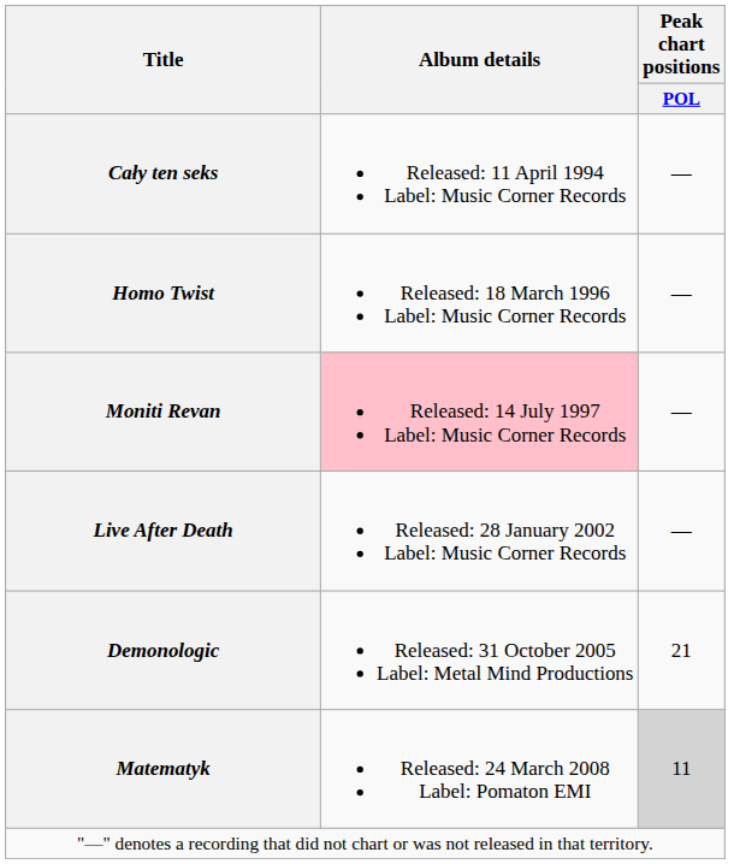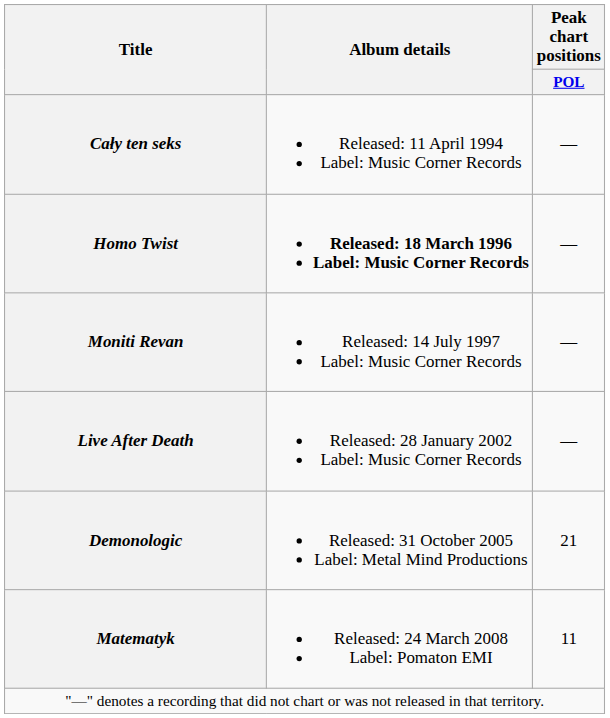 <table class="wikitable plainrowheaders" style="text-align:center;">
 <tr>
 <th scope="col" rowspan="2" style="width:15em;">Title</th>
 <th scope="col" rowspan="2">Album details</th>
 <th scope="col" colspan="1">Peak chart positions</th>
 </tr>
 <tr>
 <th scope="col" style="width:3em;font-size:90%;"><a href='#'>POL</a><br></th>
 </tr>
 <tr>
 <th scope="row"><em>Cały ten seks</em></th>
 <td><br><ul><li>Released: 11 April 1994</li><li>Label: Music Corner Records</li></ul></td>
 <td>—</td>
 </tr>
 <tr>
 <th scope="row"><em>Homo Twist</em></th>
-<td><br><ul><li>Released: 18 March 1996</li><li>Label: Music Corner Records</li></ul></td>
+<td><strong><br><ul><li>Released: 18 March 1996</li><li>Label: Music Corner Records</li></ul></strong></td>
 <td>—</td>
 </tr>
 <tr>
 <th scope="row"><em>Moniti Revan</em></th>
-<td style="background: pink;"><br><ul><li>Released: 14 July 1997</li><li>Label: Music Corner Records</li></ul></td>
+<td><br><ul><li>Released: 14 July 1997</li><li>Label: Music Corner Records</li></ul></td>
 <td>—</td>
 </tr>
 <tr>
 <th scope="row"><em>Live After Death</em></th>
 <td><br><ul><li>Released: 28 January 2002</li><li>Label: Music Corner Records</li></ul></td>
 <td>—</td>
 </tr>
 <tr>
 <th scope="row"><em>Demonologic</em></th>
 <td><br><ul><li>Released: 31 October 2005</li><li>Label: Metal Mind Productions</li></ul></td>
 <td>21</td>
 </tr>
 <tr>
 <th scope="row"><em>Matematyk</em></th>
 <td><br><ul><li>Released: 24 March 2008</li><li>Label: Pomaton EMI</li></ul></td>
-<td style="background: lightgrey;">11</td>
+<td>11</td>
 </tr>
 <tr>
 <td colspan="10" style="font-size:90%">"—" denotes a recording that did not chart or was not released in that territory.</td>
 </tr>
 </table>
